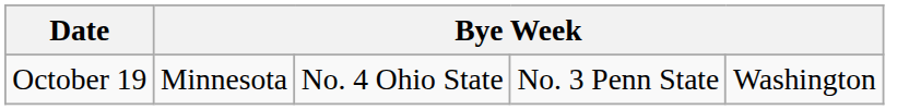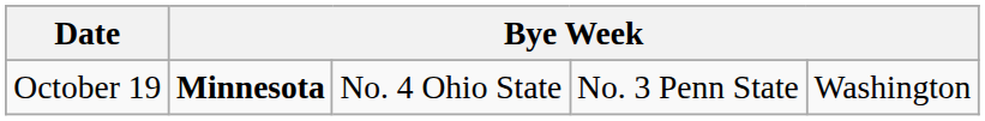 <table class="wikitable" style="font-size:95%;">
 <tr>
 <th>Date</th>
 <th colspan="4">Bye Week</th>
 </tr>
 <tr>
 <td>October 19</td>
-<td>Minnesota</td>
+<td><strong>Minnesota</strong></td>
 <td>No. 4 Ohio State</td>
 <td>No. 3 Penn State</td>
 <td>Washington</td>
 </tr>
 </table>
